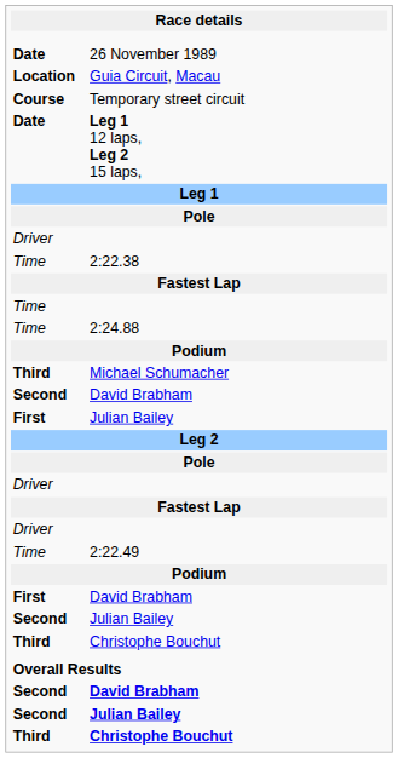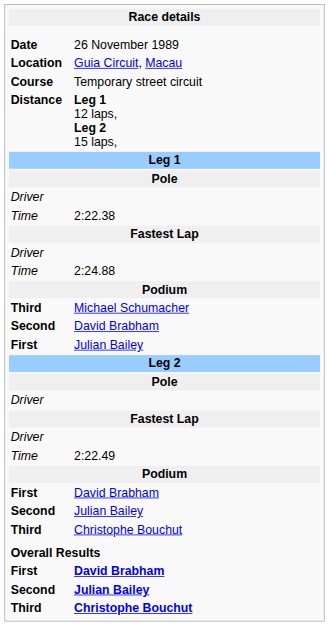 <table class="infobox" align="right" cellpadding="2" style="float:right; width: 26em; ">
 <tr>
 <th colspan="2" bgcolor="#efefef">Race details</th>
 </tr>
 <tr>
 <td colspan="2" style="text-align:center;"></td>
 </tr>
 <tr>
 <td colspan="2" style="text-align:center;"></td>
 </tr>
 <tr>
 <td style="width: 20%;"><strong>Date</strong></td>
 <td>26 November 1989</td>
 </tr>
 <tr>
 <td><strong>Location</strong></td>
 <td><a href='#'>Guia Circuit</a>, <a href='#'>Macau</a></td>
 </tr>
 <tr>
 <td><strong>Course</strong></td>
 <td>Temporary street circuit<br></td>
 </tr>
 <tr>
-<td style="width: 20%;"><strong>Date</strong></td>
+<td><strong>Distance</strong></td>
 <td><strong>Leg 1</strong><br>12 laps, <br><strong>Leg 2</strong><br>15 laps, </td>
 </tr>
 <tr>
 <td colspan="2" style="text-align:center; background-color:#99ccff"><strong>Leg 1</strong></td>
 </tr>
 <tr>
 <th colspan="2" bgcolor="#efefef">Pole</th>
 </tr>
 <tr>
 <td><em>Driver</em></td>
 <td></td>
 </tr>
 <tr>
 <td><em>Time</em></td>
 <td>2:22.38</td>
 </tr>
 <tr>
 <th colspan="2" bgcolor="#efefef">Fastest Lap</th>
 </tr>
 <tr>
-<td><em>Time</em></td>
+<td><em>Driver</em></td>
 <td></td>
 </tr>
 <tr>
 <td><em>Time</em></td>
 <td>2:24.88</td>
 </tr>
 <tr>
 <th colspan="2" bgcolor="#efefef">Podium</th>
 </tr>
 <tr>
 <td><strong>Third</strong></td>
 <td> <a href='#'>Michael Schumacher</a></td>
 </tr>
 <tr>
 <td><strong>Second</strong></td>
 <td> <a href='#'>David Brabham</a></td>
 </tr>
 <tr>
 <td><strong>First</strong></td>
 <td> <a href='#'>Julian Bailey</a></td>
 </tr>
 <tr>
 <td colspan="2" style="text-align:center; background-color:#99ccff"><strong>Leg 2</strong></td>
 </tr>
 <tr>
 <th colspan="2" bgcolor="#efefef">Pole</th>
 </tr>
 <tr>
 <td><em>Driver</em></td>
 <td></td>
 </tr>
 <tr>
 <th colspan="2" bgcolor="#efefef">Fastest Lap</th>
 </tr>
 <tr>
 <td><em>Driver</em></td>
 <td></td>
 </tr>
 <tr>
 <td><em>Time</em></td>
 <td>2:22.49</td>
 </tr>
 <tr>
 <th colspan="2" bgcolor="#efefef">Podium</th>
 </tr>
 <tr>
 <td><strong>First</strong></td>
 <td> <a href='#'>David Brabham</a></td>
 </tr>
 <tr>
 <td><strong>Second</strong></td>
 <td> <a href='#'>Julian Bailey</a></td>
 </tr>
 <tr>
 <td><strong>Third</strong></td>
 <td> <a href='#'>Christophe Bouchut</a></td>
 </tr>
 <tr>
 <td colspan="2"></td>
 </tr>
 <tr>
 <td colspan="2"><strong>Overall Results</strong></td>
 </tr>
 <tr>
-<td><strong>Second</strong></td>
+<td><strong>First</strong></td>
 <td> <strong><a href='#'>David Brabham</a></strong></td>
 </tr>
 <tr>
 <td><strong>Second</strong></td>
 <td><strong> <a href='#'>Julian Bailey</a></strong></td>
 </tr>
 <tr>
 <td><strong>Third</strong></td>
 <td><strong> <a href='#'>Christophe Bouchut</a></strong></td>
 </tr>
 </table>
